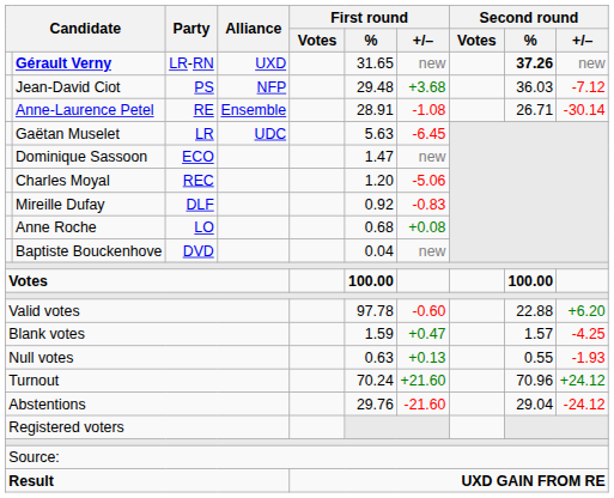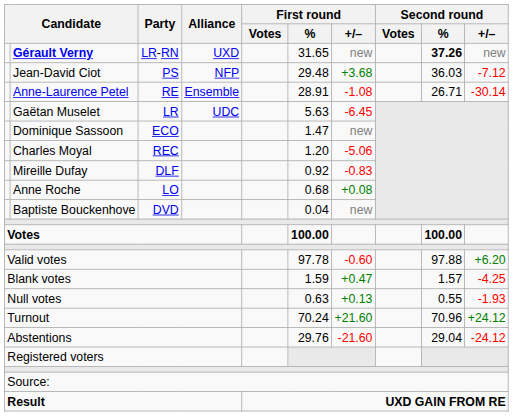 <table class="wikitable" style="text-align:right;font-size:95%;">
 <tr>
 <th rowspan="2" colspan="2">Candidate</th>
 <th colspan="1" rowspan="2">Party</th>
 <th colspan="1" rowspan="2">Alliance</th>
 <th colspan="3">First round</th>
 <th colspan="3">Second round</th>
 </tr>
 <tr>
 <th style="width:50px;">Votes</th>
 <th style="width:45px;">%</th>
 <th style="width:45px;">+/–</th>
 <th style="width:50px;">Votes</th>
 <th style="width:45px;">%</th>
 <th style="width:45px;">+/–</th>
 </tr>
 <tr>
 <td style="color:inherit;background:"></td>
 <td style="text-align:left;"><strong><a href='#'>Gérault Verny</a></strong></td>
 <td><a href='#'>LR</a>-<a href='#'>RN</a></td>
 <td><a href='#'>UXD</a></td>
 <td></td>
 <td>31.65</td>
 <td style="color:grey;">new</td>
 <td><strong></strong></td>
 <td><strong>37.26</strong></td>
 <td style="color:grey;">new</td>
 </tr>
 <tr>
 <td style="color:inherit;background:"></td>
 <td style="text-align:left;">Jean-David Ciot</td>
 <td><a href='#'>PS</a></td>
 <td><a href='#'>NFP</a></td>
 <td></td>
 <td>29.48</td>
 <td style="color:green;">+3.68</td>
 <td></td>
 <td>36.03</td>
 <td style="color:red;">-7.12</td>
 </tr>
 <tr>
 <td style="color:inherit;background:"></td>
 <td style="text-align:left;"><a href='#'>Anne-Laurence Petel</a></td>
 <td><a href='#'>RE</a></td>
 <td><a href='#'>Ensemble</a></td>
 <td></td>
 <td>28.91</td>
 <td style="color:red;">-1.08</td>
 <td></td>
 <td>26.71</td>
 <td style="color:red;">-30.14</td>
 </tr>
 <tr>
 <td style="color:inherit;background:"></td>
 <td style="text-align:left;">Gaëtan Muselet</td>
 <td><a href='#'>LR</a></td>
 <td><a href='#'>UDC</a></td>
 <td></td>
 <td>5.63</td>
 <td style="color:red;">-6.45</td>
 <td colspan="3" rowspan="6" style="background:#E9E9E9;"></td>
 </tr>
 <tr>
 <td style="color:inherit;background:"></td>
 <td style="text-align:left;">Dominique Sassoon</td>
 <td><a href='#'>ECO</a></td>
 <td></td>
 <td></td>
 <td>1.47</td>
 <td style="color:grey;">new</td>
 </tr>
 <tr>
 <td style="color:inherit;background:"></td>
 <td style="text-align:left;">Charles Moyal</td>
 <td><a href='#'>REC</a></td>
 <td></td>
 <td></td>
 <td>1.20</td>
 <td style="color:red;">-5.06</td>
 </tr>
 <tr>
 <td style="color:inherit;background:"></td>
 <td style="text-align:left;">Mireille Dufay</td>
 <td><a href='#'>DLF</a></td>
 <td></td>
 <td></td>
 <td>0.92</td>
 <td style="color:red;">-0.83</td>
 </tr>
 <tr>
 <td style="color:inherit;background:"></td>
 <td style="text-align:left;">Anne Roche</td>
 <td><a href='#'>LO</a></td>
 <td></td>
 <td></td>
 <td>0.68</td>
 <td style="color:green;">+0.08</td>
 </tr>
 <tr>
 <td style="color:inherit;background:"></td>
 <td style="text-align:left;">Baptiste Bouckenhove</td>
 <td><a href='#'>DVD</a></td>
 <td></td>
 <td></td>
 <td>0.04</td>
 <td style="color:grey;">new</td>
 </tr>
 <tr>
 <td colspan="10" style="background:#E9E9E9;"></td>
 </tr>
 <tr style="font-weight:bold;">
 <td colspan="4" style="text-align:left;">Votes</td>
 <td></td>
 <td>100.00</td>
 <td></td>
 <td></td>
 <td>100.00</td>
 <td></td>
 </tr>
 <tr>
 <td colspan="10" style="background:#E9E9E9;"></td>
 </tr>
 <tr>
 <td colspan="4" style="text-align:left;">Valid votes</td>
 <td></td>
 <td>97.78</td>
 <td style="color:red;">-0.60</td>
 <td></td>
-<td>22.88</td>
+<td>97.88</td>
 <td style="color:green;">+6.20</td>
 </tr>
 <tr>
 <td colspan="4" style="text-align:left;">Blank votes</td>
 <td></td>
 <td>1.59</td>
 <td style="color:green;">+0.47</td>
 <td></td>
 <td>1.57</td>
 <td style="color:red;">-4.25</td>
 </tr>
 <tr>
 <td colspan="4" style="text-align:left;">Null votes</td>
 <td></td>
 <td>0.63</td>
 <td style="color:green;">+0.13</td>
 <td></td>
 <td>0.55</td>
 <td style="color:red;">-1.93</td>
 </tr>
 <tr>
 <td colspan="4" style="text-align:left;">Turnout</td>
 <td></td>
 <td>70.24</td>
 <td style="color:green;">+21.60</td>
 <td></td>
 <td>70.96</td>
 <td style="color:green;">+24.12</td>
 </tr>
 <tr>
 <td colspan="4" style="text-align:left;">Abstentions</td>
 <td></td>
 <td>29.76</td>
 <td style="color:red;">-21.60</td>
 <td></td>
 <td>29.04</td>
 <td style="color:red;">-24.12</td>
 </tr>
 <tr>
 <td colspan="4" style="text-align:left;">Registered voters</td>
 <td></td>
 <td colspan="2" style="background:#E9E9E9;"></td>
 <td></td>
 <td colspan="2" style="background:#E9E9E9;"></td>
 </tr>
 <tr>
 <td colspan="10" style="background:#E9E9E9;"></td>
 </tr>
 <tr>
 <td colspan="10" style="text-align:left;">Source: </td>
 </tr>
 <tr style="font-weight:bold">
 <td colspan="4" style="text-align:left;">Result</td>
 <td colspan="6" style="background-color:">UXD GAIN FROM RE</td>
 </tr>
 </table>
